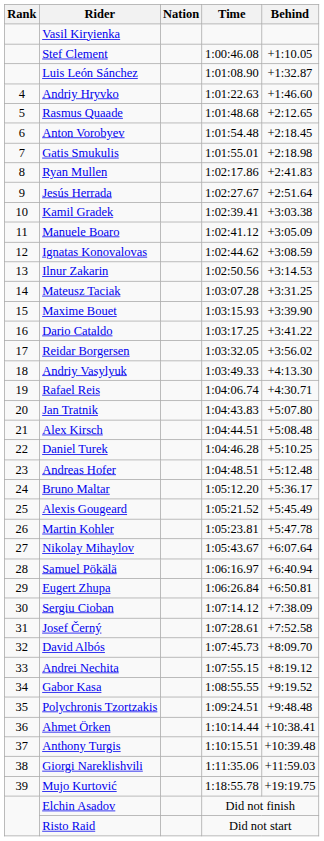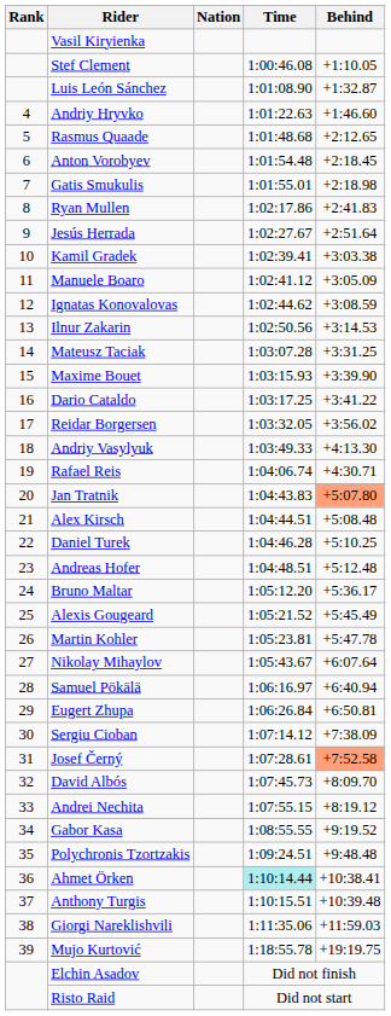 <table class="wikitable sortable" style="text-align:center">
 <tr>
 <th>Rank</th>
 <th>Rider</th>
 <th>Nation</th>
 <th>Time</th>
 <th>Behind</th>
 </tr>
 <tr>
 <td></td>
 <td align=left><a href='#'>Vasil Kiryienka</a></td>
 <td align=left></td>
 <td></td>
 <td></td>
 </tr>
 <tr>
 <td></td>
 <td align=left><a href='#'>Stef Clement</a></td>
 <td align=left></td>
 <td>1:00:46.08</td>
 <td>+1:10.05</td>
 </tr>
 <tr>
 <td></td>
 <td align=left><a href='#'>Luis León Sánchez</a></td>
 <td align=left></td>
 <td>1:01:08.90</td>
 <td>+1:32.87</td>
 </tr>
 <tr>
 <td>4</td>
 <td align=left><a href='#'>Andriy Hryvko</a></td>
 <td align=left></td>
 <td>1:01:22.63</td>
 <td>+1:46.60</td>
 </tr>
 <tr>
 <td>5</td>
 <td align=left><a href='#'>Rasmus Quaade</a></td>
 <td align=left></td>
 <td>1:01:48.68</td>
 <td>+2:12.65</td>
 </tr>
 <tr>
 <td>6</td>
 <td align=left><a href='#'>Anton Vorobyev</a></td>
 <td align=left></td>
 <td>1:01:54.48</td>
 <td>+2:18.45</td>
 </tr>
 <tr>
 <td>7</td>
 <td align=left><a href='#'>Gatis Smukulis</a></td>
 <td align=left></td>
 <td>1:01:55.01</td>
 <td>+2:18.98</td>
 </tr>
 <tr>
 <td>8</td>
 <td align=left><a href='#'>Ryan Mullen</a></td>
 <td align=left></td>
 <td>1:02:17.86</td>
 <td>+2:41.83</td>
 </tr>
 <tr>
 <td>9</td>
 <td align=left><a href='#'>Jesús Herrada</a></td>
 <td align=left></td>
 <td>1:02:27.67</td>
 <td>+2:51.64</td>
 </tr>
 <tr>
 <td>10</td>
 <td align=left><a href='#'>Kamil Gradek</a></td>
 <td align=left></td>
 <td>1:02:39.41</td>
 <td>+3:03.38</td>
 </tr>
 <tr>
 <td>11</td>
 <td align=left><a href='#'>Manuele Boaro</a></td>
 <td align=left></td>
 <td>1:02:41.12</td>
 <td>+3:05.09</td>
 </tr>
 <tr>
 <td>12</td>
 <td align=left><a href='#'>Ignatas Konovalovas</a></td>
 <td align=left></td>
 <td>1:02:44.62</td>
 <td>+3:08.59</td>
 </tr>
 <tr>
 <td>13</td>
 <td align=left><a href='#'>Ilnur Zakarin</a></td>
 <td align=left></td>
 <td>1:02:50.56</td>
 <td>+3:14.53</td>
 </tr>
 <tr>
 <td>14</td>
 <td align=left><a href='#'>Mateusz Taciak</a></td>
 <td align=left></td>
 <td>1:03:07.28</td>
 <td>+3:31.25</td>
 </tr>
 <tr>
 <td>15</td>
 <td align=left><a href='#'>Maxime Bouet</a></td>
 <td align=left></td>
 <td>1:03:15.93</td>
 <td>+3:39.90</td>
 </tr>
 <tr>
 <td>16</td>
 <td align=left><a href='#'>Dario Cataldo</a></td>
 <td align=left></td>
 <td>1:03:17.25</td>
 <td>+3:41.22</td>
 </tr>
 <tr>
 <td>17</td>
 <td align=left><a href='#'>Reidar Borgersen</a></td>
 <td align=left></td>
 <td>1:03:32.05</td>
 <td>+3:56.02</td>
 </tr>
 <tr>
 <td>18</td>
 <td align=left><a href='#'>Andriy Vasylyuk</a></td>
 <td align=left></td>
 <td>1:03:49.33</td>
 <td>+4:13.30</td>
 </tr>
 <tr>
 <td>19</td>
 <td align=left><a href='#'>Rafael Reis</a></td>
 <td align=left></td>
 <td>1:04:06.74</td>
 <td>+4:30.71</td>
 </tr>
 <tr>
 <td>20</td>
 <td align=left><a href='#'>Jan Tratnik</a></td>
 <td align=left></td>
 <td>1:04:43.83</td>
-<td>+5:07.80</td>
+<td style="background: lightsalmon;">+5:07.80</td>
 </tr>
 <tr>
 <td>21</td>
 <td align=left><a href='#'>Alex Kirsch</a></td>
 <td align=left></td>
 <td>1:04:44.51</td>
 <td>+5:08.48</td>
 </tr>
 <tr>
 <td>22</td>
 <td align=left><a href='#'>Daniel Turek</a></td>
 <td align=left></td>
 <td>1:04:46.28</td>
 <td>+5:10.25</td>
 </tr>
 <tr>
 <td>23</td>
 <td align=left><a href='#'>Andreas Hofer</a></td>
 <td align=left></td>
 <td>1:04:48.51</td>
 <td>+5:12.48</td>
 </tr>
 <tr>
 <td>24</td>
 <td align=left><a href='#'>Bruno Maltar</a></td>
 <td align=left></td>
 <td>1:05:12.20</td>
 <td>+5:36.17</td>
 </tr>
 <tr>
 <td>25</td>
 <td align=left><a href='#'>Alexis Gougeard</a></td>
 <td align=left></td>
 <td>1:05:21.52</td>
 <td>+5:45.49</td>
 </tr>
 <tr>
 <td>26</td>
 <td align=left><a href='#'>Martin Kohler</a></td>
 <td align=left></td>
 <td>1:05:23.81</td>
 <td>+5:47.78</td>
 </tr>
 <tr>
 <td>27</td>
 <td align=left><a href='#'>Nikolay Mihaylov</a></td>
 <td align=left></td>
 <td>1:05:43.67</td>
 <td>+6:07.64</td>
 </tr>
 <tr>
 <td>28</td>
 <td align=left><a href='#'>Samuel Pökälä</a></td>
 <td align=left></td>
 <td>1:06:16.97</td>
 <td>+6:40.94</td>
 </tr>
 <tr>
 <td>29</td>
 <td align=left><a href='#'>Eugert Zhupa</a></td>
 <td align=left></td>
 <td>1:06:26.84</td>
 <td>+6:50.81</td>
 </tr>
 <tr>
 <td>30</td>
 <td align=left><a href='#'>Sergiu Cioban</a></td>
 <td align=left></td>
 <td>1:07:14.12</td>
 <td>+7:38.09</td>
 </tr>
 <tr>
 <td>31</td>
 <td align=left><a href='#'>Josef Černý</a></td>
 <td align=left></td>
 <td>1:07:28.61</td>
-<td>+7:52.58</td>
+<td style="background: lightsalmon;">+7:52.58</td>
 </tr>
 <tr>
 <td>32</td>
 <td align=left><a href='#'>David Albós</a></td>
 <td align=left></td>
 <td>1:07:45.73</td>
 <td>+8:09.70</td>
 </tr>
 <tr>
 <td>33</td>
 <td align=left><a href='#'>Andrei Nechita</a></td>
 <td align=left></td>
 <td>1:07:55.15</td>
 <td>+8:19.12</td>
 </tr>
 <tr>
 <td>34</td>
 <td align=left><a href='#'>Gabor Kasa</a></td>
 <td align=left></td>
 <td>1:08:55.55</td>
 <td>+9:19.52</td>
 </tr>
 <tr>
 <td>35</td>
 <td align=left><a href='#'>Polychronis Tzortzakis</a></td>
 <td align=left></td>
 <td>1:09:24.51</td>
 <td>+9:48.48</td>
 </tr>
 <tr>
 <td>36</td>
 <td align=left><a href='#'>Ahmet Örken</a></td>
 <td align=left></td>
-<td>1:10:14.44</td>
+<td style="background: paleturquoise;">1:10:14.44</td>
 <td>+10:38.41</td>
 </tr>
 <tr>
 <td>37</td>
 <td align=left><a href='#'>Anthony Turgis</a></td>
 <td align=left></td>
 <td>1:10:15.51</td>
 <td>+10:39.48</td>
 </tr>
 <tr>
 <td>38</td>
 <td align=left><a href='#'>Giorgi Nareklishvili</a></td>
 <td align=left></td>
 <td>1:11:35.06</td>
 <td>+11:59.03</td>
 </tr>
 <tr>
 <td>39</td>
 <td align=left><a href='#'>Mujo Kurtović</a></td>
 <td align=left></td>
 <td>1:18:55.78</td>
 <td>+19:19.75</td>
 </tr>
 <tr>
 <td rowspan=2></td>
 <td align=left><a href='#'>Elchin Asadov</a></td>
 <td align=left></td>
 <td colspan="2">Did not finish</td>
 </tr>
 <tr>
 <td align="left"><a href='#'>Risto Raid</a></td>
 <td align=left></td>
 <td colspan="2">Did not start</td>
 </tr>
 </table>
